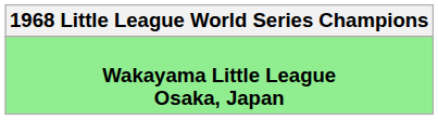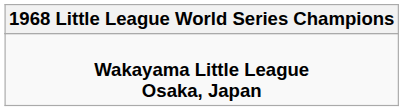 <table class="wikitable" style="text-align: center; margin: 0 auto;">
 <tr>
 <th>1968 Little League World Series Champions</th>
 </tr>
 <tr>
 </tr>
 <tr>
-<td style="background: lightgreen;"><br><strong>Wakayama Little League</strong><br><strong>Osaka, Japan</strong></td>
+<td><br><strong>Wakayama Little League</strong><br><strong>Osaka, Japan</strong></td>
 </tr>
 </table>
